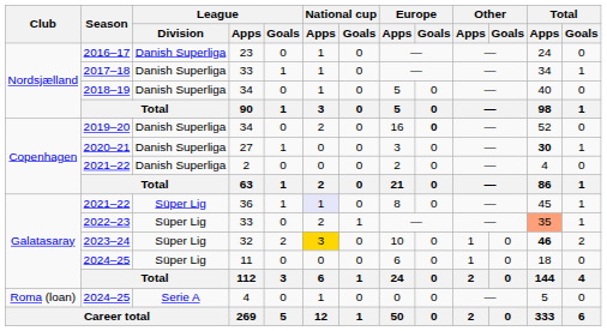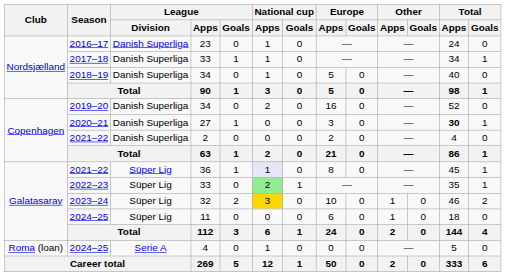 <table class="wikitable" style="text-align:center">
 <tr>
 <th rowspan="2">Club</th>
 <th rowspan="2">Season</th>
 <th colspan="3">League</th>
 <th colspan="2">National cup</th>
 <th colspan="2">Europe</th>
 <th colspan="2">Other</th>
 <th colspan="2">Total</th>
 </tr>
 <tr>
 <th>Division</th>
 <th>Apps</th>
 <th>Goals</th>
 <th>Apps</th>
 <th>Goals</th>
 <th>Apps</th>
 <th>Goals</th>
 <th>Apps</th>
 <th>Goals</th>
 <th>Apps</th>
 <th>Goals</th>
 </tr>
 <tr>
 <td rowspan="4"><a href='#'>Nordsjælland</a></td>
 <td><a href='#'>2016–17</a></td>
 <td><a href='#'>Danish Superliga</a></td>
 <td>23</td>
 <td>0</td>
 <td>1</td>
 <td>0</td>
 <td colspan="2">—</td>
 <td colspan="2">—</td>
 <td>24</td>
 <td>0</td>
 </tr>
 <tr>
 <td><a href='#'>2017–18</a></td>
 <td>Danish Superliga</td>
 <td>33</td>
 <td>1</td>
 <td>1</td>
 <td>0</td>
 <td colspan="2">—</td>
 <td colspan="2">—</td>
 <td>34</td>
 <td>1</td>
 </tr>
 <tr>
 <td><a href='#'>2018–19</a></td>
 <td>Danish Superliga</td>
 <td>34</td>
 <td>0</td>
 <td>1</td>
 <td>0</td>
 <td>5</td>
 <td>0</td>
 <td colspan="2">—</td>
 <td>40</td>
 <td>0</td>
 </tr>
 <tr>
 <th colspan="2">Total</th>
 <th>90</th>
 <th>1</th>
 <th>3</th>
 <th>0</th>
 <th>5</th>
 <th>0</th>
 <th colspan="2">—</th>
 <th>98</th>
 <th>1</th>
 </tr>
 <tr>
 <td rowspan="4"><a href='#'>Copenhagen</a></td>
 <td><a href='#'>2019–20</a></td>
 <td>Danish Superliga</td>
 <td>34</td>
 <td>0</td>
 <td>2</td>
 <td>0</td>
 <td>16</td>
-<td><strong>0</strong></td>
+<td>0</td>
 <td colspan="2">—</td>
 <td>52</td>
 <td>0</td>
 </tr>
 <tr>
 <td><a href='#'>2020–21</a></td>
 <td>Danish Superliga</td>
 <td>27</td>
 <td>1</td>
 <td>0</td>
 <td>0</td>
 <td>3</td>
 <td>0</td>
 <td colspan="2">—</td>
 <td><strong>30</strong></td>
 <td>1</td>
 </tr>
 <tr>
 <td><a href='#'>2021–22</a></td>
 <td>Danish Superliga</td>
 <td>2</td>
 <td>0</td>
 <td>0</td>
 <td>0</td>
 <td>2</td>
 <td>0</td>
 <td colspan="2">—</td>
 <td>4</td>
 <td>0</td>
 </tr>
 <tr>
 <th colspan="2">Total</th>
 <th>63</th>
 <th>1</th>
 <th>2</th>
 <th>0</th>
 <th>21</th>
 <th>0</th>
 <th colspan="2">—</th>
 <th>86</th>
 <th>1</th>
 </tr>
 <tr>
 <td rowspan="5"><a href='#'>Galatasaray</a></td>
 <td><a href='#'>2021–22</a></td>
 <td><a href='#'>Süper Lig</a></td>
 <td>36</td>
 <td>1</td>
 <td style="background: lavender;">1</td>
 <td>0</td>
 <td>8</td>
 <td>0</td>
 <td colspan="2">—</td>
 <td>45</td>
 <td>1</td>
 </tr>
 <tr>
 <td><a href='#'>2022–23</a></td>
 <td>Süper Lig</td>
 <td>33</td>
 <td>0</td>
-<td>2</td>
+<td style="background: lightgreen;">2</td>
 <td>1</td>
 <td colspan="2">—</td>
 <td colspan="2">—</td>
-<td style="background: lightsalmon;">35</td>
+<td>35</td>
 <td>1</td>
 </tr>
 <tr>
 <td><a href='#'>2023–24</a></td>
 <td>Süper Lig</td>
 <td>32</td>
 <td>2</td>
 <td style="background: gold;">3</td>
 <td>0</td>
 <td>10</td>
 <td>0</td>
 <td>1</td>
 <td>0</td>
-<td><strong>46</strong></td>
+<td>46</td>
 <td>2</td>
 </tr>
 <tr>
 <td><a href='#'>2024–25</a></td>
 <td>Süper Lig</td>
 <td>11</td>
 <td>0</td>
 <td>0</td>
 <td>0</td>
 <td>6</td>
 <td>0</td>
 <td>1</td>
 <td>0</td>
 <td>18</td>
 <td>0</td>
 </tr>
 <tr>
 <th colspan="2">Total</th>
 <th>112</th>
 <th>3</th>
 <th>6</th>
 <th>1</th>
 <th>24</th>
 <th>0</th>
 <th>2</th>
 <th>0</th>
 <th>144</th>
 <th>4</th>
 </tr>
 <tr>
 <td><a href='#'>Roma</a> (loan)</td>
 <td><a href='#'>2024–25</a></td>
 <td><a href='#'>Serie A</a></td>
 <td>4</td>
 <td>0</td>
 <td>1</td>
 <td>0</td>
 <td>0</td>
 <td>0</td>
 <td colspan="2">—</td>
 <td>5</td>
 <td>0</td>
 </tr>
 <tr>
 <th colspan="3">Career total</th>
 <th>269</th>
 <th>5</th>
 <th>12</th>
 <th>1</th>
 <th>50</th>
 <th>0</th>
 <th>2</th>
 <th>0</th>
 <th>333</th>
 <th>6</th>
 </tr>
 </table>
